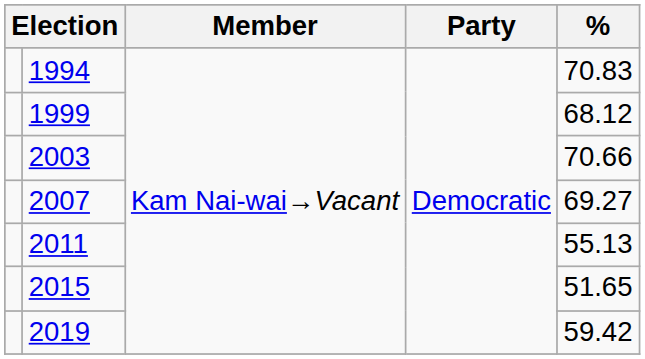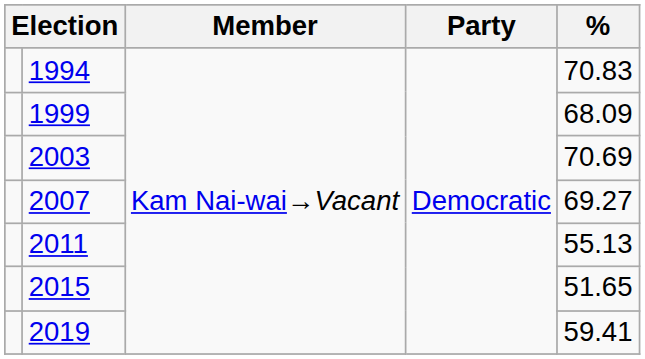 <table class="wikitable">
 <tr>
 <th colspan="2">Election</th>
 <th>Member</th>
 <th>Party</th>
 <th>%</th>
 </tr>
 <tr>
 <td style="background-color: "></td>
 <td><a href='#'>1994</a></td>
 <td rowspan=7><a href='#'>Kam Nai-wai</a>→<em>Vacant</em></td>
 <td rowspan=7><a href='#'>Democratic</a></td>
 <td>70.83</td>
 </tr>
 <tr>
 <td style="background-color: "></td>
 <td><a href='#'>1999</a></td>
-<td>68.12</td>
+<td>68.09</td>
 </tr>
 <tr>
 <td style="background-color: "></td>
 <td><a href='#'>2003</a></td>
-<td>70.66</td>
+<td>70.69</td>
 </tr>
 <tr>
 <td style="background-color: "></td>
 <td><a href='#'>2007</a></td>
 <td>69.27</td>
 </tr>
 <tr>
 <td style="background-color: "></td>
 <td><a href='#'>2011</a></td>
 <td>55.13</td>
 </tr>
 <tr>
 <td style="background-color: "></td>
 <td><a href='#'>2015</a></td>
 <td>51.65</td>
 </tr>
 <tr>
 <td style="background-color: "></td>
 <td><a href='#'>2019</a></td>
-<td>59.42</td>
+<td>59.41</td>
 </tr>
 </table>
